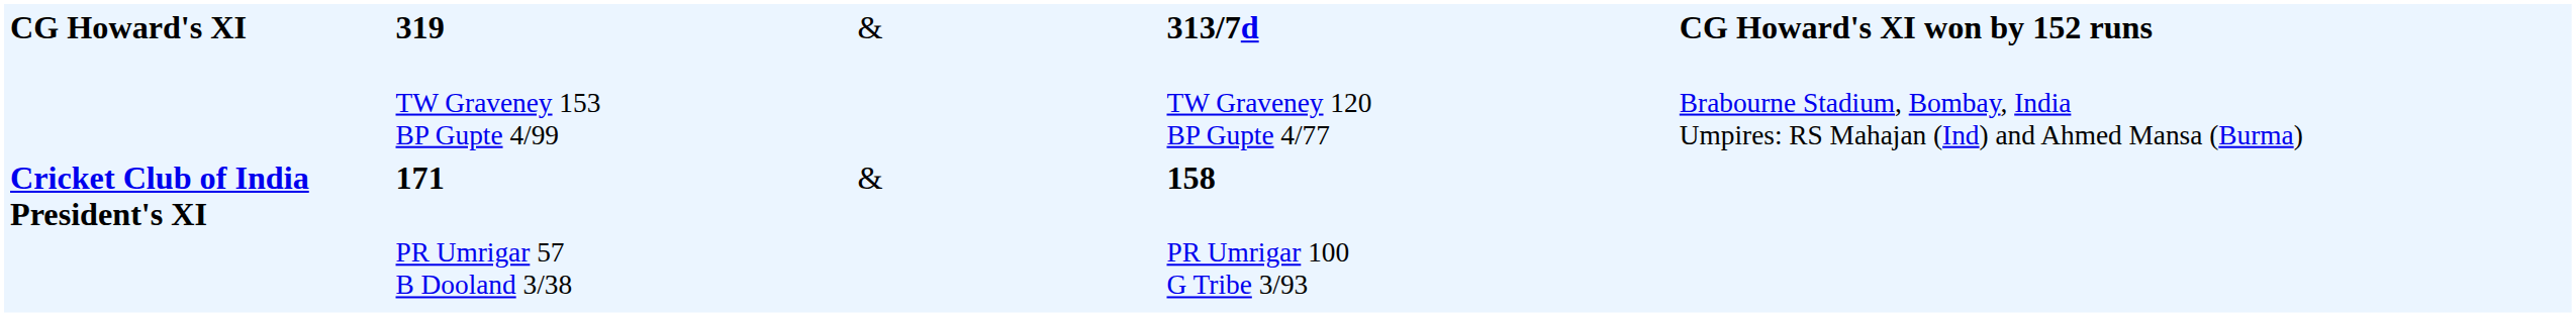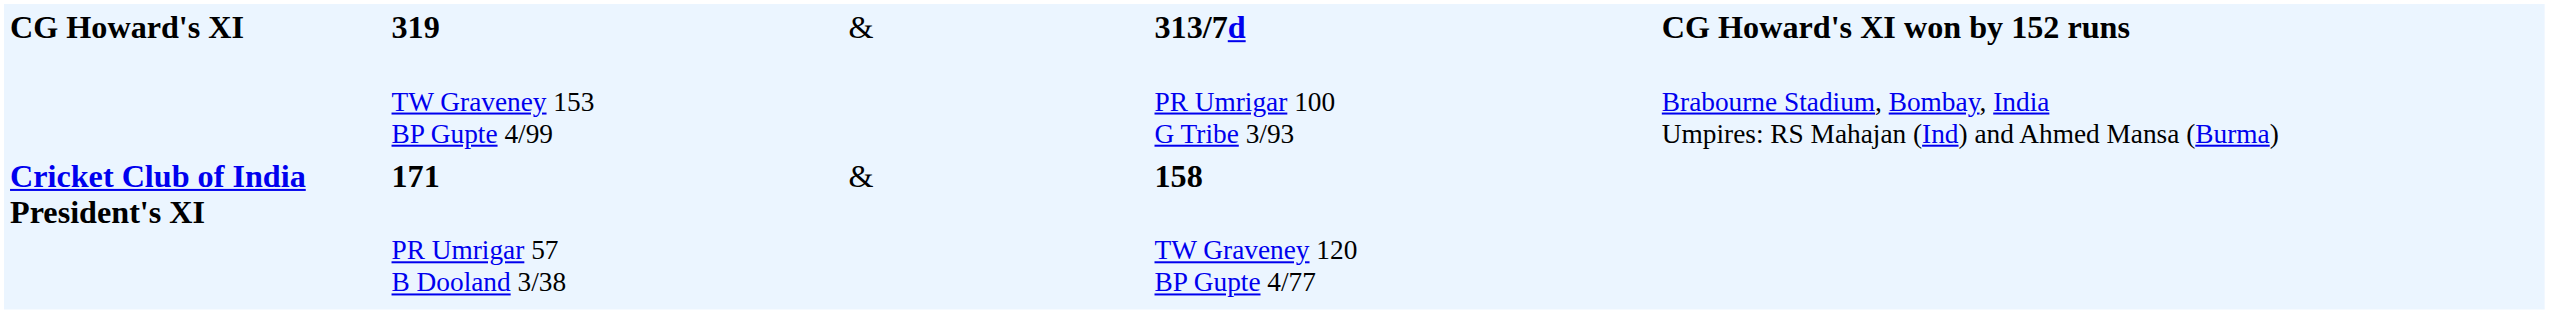 <table width="100%" style="background: #EBF5FF">
 <tr>
 <td width="15%" valign="top" rowspan="2"><strong>CG Howard's XI</strong></td>
 <td width="18%"><strong>319</strong></td>
 <td width="12%">&</td>
 <td width="20%"><strong>313/7<a href='#'>d</a></strong></td>
 <td width="35%"><strong>CG Howard's XI won by 152 runs</strong></td>
 </tr>
 <tr>
 <td style="font-size: 85%;" valign="top"><br><a href='#'>TW Graveney</a> 153<br> <a href='#'>BP Gupte</a> 4/99</td>
 <td></td>
-<td style="font-size: 85%;"><br><a href='#'>TW Graveney</a> 120<br> <a href='#'>BP Gupte</a> 4/77</td>
+<td valign="top" style="font-size: 85%;"><br><a href='#'>PR Umrigar</a> 100<br> <a href='#'>G Tribe</a> 3/93</td>
 <td valign="top" style="font-size: 85%;" rowspan="3"><br><a href='#'>Brabourne Stadium</a>, <a href='#'>Bombay</a>, <a href='#'>India</a><br> Umpires: RS Mahajan (<a href='#'>Ind</a>) and Ahmed Mansa (<a href='#'>Burma</a>)<br></td>
 </tr>
 <tr>
 <td valign="top" rowspan="2"><strong><a href='#'>Cricket Club of India</a> President's XI</strong></td>
 <td><strong>171</strong></td>
 <td>&</td>
 <td><strong>158</strong></td>
 </tr>
 <tr>
 <td style="font-size: 85%;"><br><a href='#'>PR Umrigar</a> 57<br> <a href='#'>B Dooland</a> 3/38</td>
 <td></td>
-<td valign="top" style="font-size: 85%;"><br><a href='#'>PR Umrigar</a> 100<br> <a href='#'>G Tribe</a> 3/93</td>
+<td style="font-size: 85%;"><br><a href='#'>TW Graveney</a> 120<br> <a href='#'>BP Gupte</a> 4/77</td>
 </tr>
 <tr>
 </tr>
 </table>
